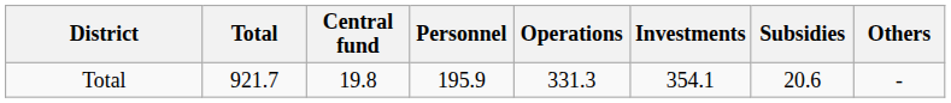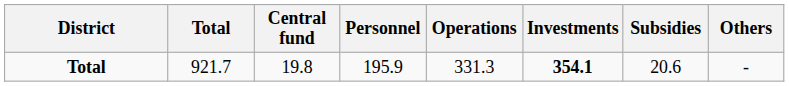 <table class="wikitable">
 <tr>
 <th style="width:140px;">District</th>
 <th style="width:70px;">Total</th>
 <th style="width:70px;">Central fund</th>
 <th style="width:70px;">Personnel</th>
 <th style="width:80px;">Operations</th>
 <th style="widht:80px;">Investments</th>
 <th style="width:70px;">Subsidies</th>
 <th style="width:60px;">Others</th>
 </tr>
 <tr>
-<td style="text-align:center;">Total</td>
+<td style="text-align:center;"><strong>Total</strong></td>
 <td style="text-align:center;">921.7</td>
 <td style="text-align:center;">19.8</td>
 <td style="text-align:center;">195.9</td>
 <td style="text-align:center;">331.3</td>
-<td style="text-align:center;">354.1</td>
+<td style="text-align:center;"><strong>354.1</strong></td>
 <td style="text-align:center;">20.6</td>
 <td style="text-align:center;">-</td>
 </tr>
 </table>
